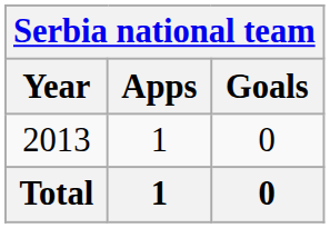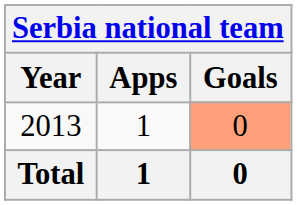 <table class="wikitable" style="text-align:center">
 <tr>
 <th colspan=3><a href='#'>Serbia national team</a></th>
 </tr>
 <tr>
 <th>Year</th>
 <th>Apps</th>
 <th>Goals</th>
 </tr>
 <tr>
 <td>2013</td>
 <td>1</td>
-<td>0</td>
+<td style="background: lightsalmon;">0</td>
 </tr>
 <tr>
 <th>Total</th>
 <th>1</th>
 <th>0</th>
 </tr>
 </table>
